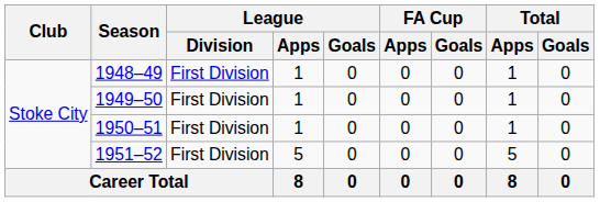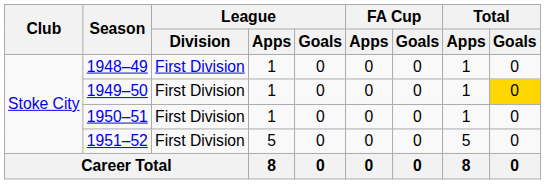 <table class="wikitable" style="text-align: center;">
 <tr>
 <th rowspan="2">Club</th>
 <th rowspan="2">Season</th>
 <th colspan="3">League</th>
 <th colspan="2">FA Cup</th>
 <th colspan="2">Total</th>
 </tr>
 <tr>
 <th>Division</th>
 <th>Apps</th>
 <th>Goals</th>
 <th>Apps</th>
 <th>Goals</th>
 <th>Apps</th>
 <th>Goals</th>
 </tr>
 <tr>
 <td rowspan="4"><a href='#'>Stoke City</a></td>
 <td><a href='#'>1948–49</a></td>
 <td><a href='#'>First Division</a></td>
 <td>1</td>
 <td>0</td>
 <td>0</td>
 <td>0</td>
 <td>1</td>
 <td>0</td>
 </tr>
 <tr>
 <td><a href='#'>1949–50</a></td>
 <td>First Division</td>
 <td>1</td>
 <td>0</td>
 <td>0</td>
 <td>0</td>
 <td>1</td>
-<td>0</td>
+<td style="background: gold;">0</td>
 </tr>
 <tr>
 <td><a href='#'>1950–51</a></td>
 <td>First Division</td>
 <td>1</td>
 <td>0</td>
 <td>0</td>
 <td>0</td>
 <td>1</td>
 <td>0</td>
 </tr>
 <tr>
 <td><a href='#'>1951–52</a></td>
 <td>First Division</td>
 <td>5</td>
 <td>0</td>
 <td>0</td>
 <td>0</td>
 <td>5</td>
 <td>0</td>
 </tr>
 <tr>
 <th colspan="3">Career Total</th>
 <th>8</th>
 <th>0</th>
 <th>0</th>
 <th>0</th>
 <th>8</th>
 <th>0</th>
 </tr>
 </table>
